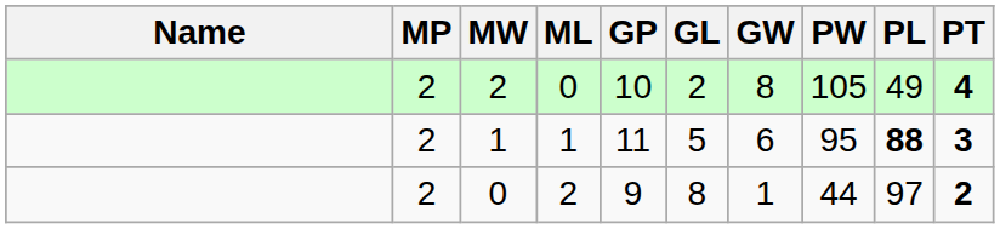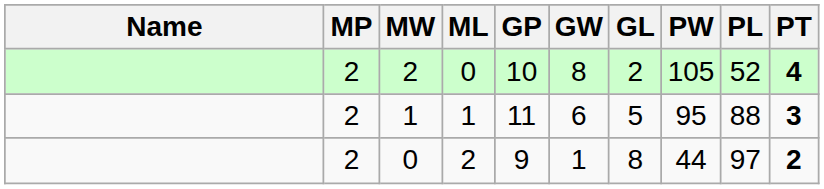 <table class=wikitable style="text-align:center">
 <tr>
 <th width=175>Name</th>
 <th width=20>MP</th>
 <th width=20>MW</th>
 <th width=20>ML</th>
 <th width=20>GP</th>
+<th width=20>GW</th>
 <th width=20>GL</th>
-<th width=20>GW</th>
 <th width=20>PW</th>
 <th width=20>PL</th>
 <th width=20>PT</th>
 </tr>
 <tr style="background-color:#ccffcc;">
 <td style="text-align:left;"><strong></strong></td>
 <td>2</td>
 <td>2</td>
 <td>0</td>
 <td>10</td>
+<td>8</td>
 <td>2</td>
-<td>8</td>
 <td>105</td>
-<td>49</td>
+<td>52</td>
 <td><strong>4</strong></td>
 </tr>
 <tr>
 <td style="text-align:left;"></td>
 <td>2</td>
 <td>1</td>
 <td>1</td>
 <td>11</td>
+<td>6</td>
 <td>5</td>
-<td>6</td>
 <td>95</td>
-<td><strong>88</strong></td>
+<td>88</td>
 <td><strong>3</strong></td>
 </tr>
 <tr>
 <td style="text-align:left;"></td>
 <td>2</td>
 <td>0</td>
 <td>2</td>
 <td>9</td>
+<td>1</td>
 <td>8</td>
-<td>1</td>
 <td>44</td>
 <td>97</td>
 <td><strong>2</strong></td>
 </tr>
 </table>
